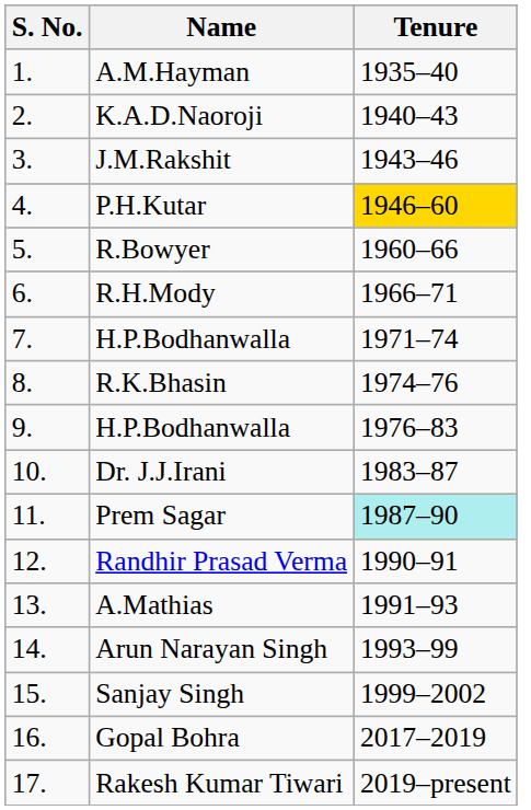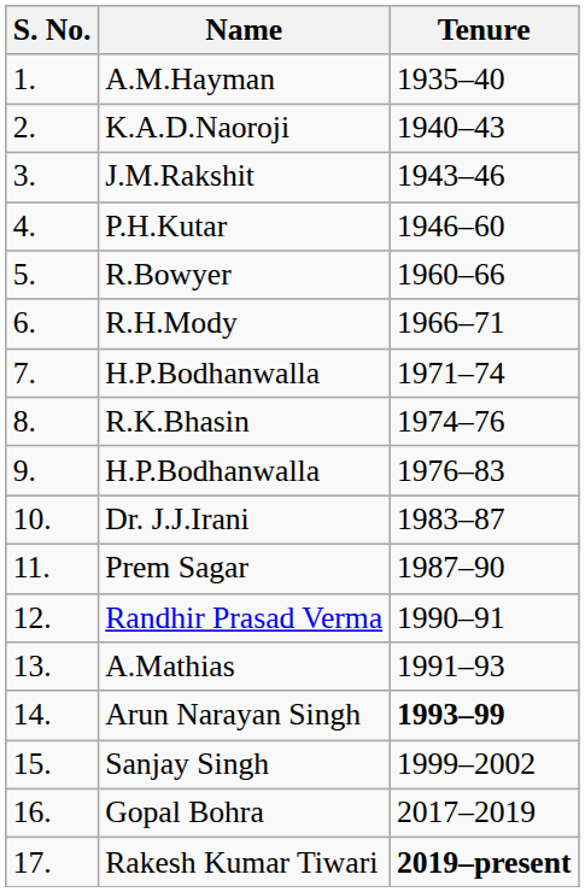 <table class=wikitable>
 <tr>
 <th>S. No.</th>
 <th>Name</th>
 <th>Tenure</th>
 </tr>
 <tr>
 <td>1.</td>
 <td>A.M.Hayman</td>
 <td>1935–40</td>
 </tr>
 <tr>
 <td>2.</td>
 <td>K.A.D.Naoroji</td>
 <td>1940–43</td>
 </tr>
 <tr>
 <td>3.</td>
 <td>J.M.Rakshit</td>
 <td>1943–46</td>
 </tr>
 <tr>
 <td>4.</td>
 <td>P.H.Kutar</td>
-<td style="background: gold;">1946–60</td>
+<td>1946–60</td>
 </tr>
 <tr>
 <td>5.</td>
 <td>R.Bowyer</td>
 <td>1960–66</td>
 </tr>
 <tr>
 <td>6.</td>
 <td>R.H.Mody</td>
 <td>1966–71</td>
 </tr>
 <tr>
 <td>7.</td>
 <td>H.P.Bodhanwalla</td>
 <td>1971–74</td>
 </tr>
 <tr>
 <td>8.</td>
 <td>R.K.Bhasin</td>
 <td>1974–76</td>
 </tr>
 <tr>
 <td>9.</td>
 <td>H.P.Bodhanwalla</td>
 <td>1976–83</td>
 </tr>
 <tr>
 <td>10.</td>
 <td>Dr. J.J.Irani</td>
 <td>1983–87</td>
 </tr>
 <tr>
 <td>11.</td>
 <td>Prem Sagar</td>
-<td style="background: paleturquoise;">1987–90</td>
+<td>1987–90</td>
 </tr>
 <tr>
 <td>12.</td>
 <td><a href='#'>Randhir Prasad Verma</a></td>
 <td>1990–91</td>
 </tr>
 <tr>
 <td>13.</td>
 <td>A.Mathias</td>
 <td>1991–93</td>
 </tr>
 <tr>
 <td>14.</td>
 <td>Arun Narayan Singh</td>
-<td>1993–99</td>
+<td><strong>1993–99</strong></td>
 </tr>
 <tr>
 <td>15.</td>
 <td>Sanjay Singh</td>
 <td>1999–2002</td>
 </tr>
 <tr>
 <td>16.</td>
 <td>Gopal Bohra</td>
 <td>2017–2019</td>
 </tr>
 <tr>
 <td>17.</td>
 <td>Rakesh Kumar Tiwari</td>
-<td>2019–present</td>
+<td><strong>2019–present</strong></td>
 </tr>
 <tr>
 </tr>
 </table>
